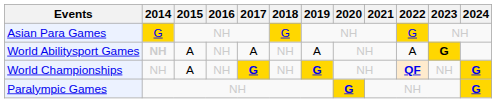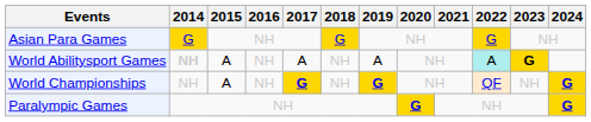 <table class="wikitable" style="font-size: 90%; text-align:center">
 <tr>
 <th>Events</th>
 <th>2014</th>
 <th>2015</th>
 <th>2016</th>
 <th>2017</th>
 <th>2018</th>
 <th>2019</th>
 <th>2020</th>
 <th>2021</th>
 <th>2022</th>
 <th>2023</th>
 <th>2024</th>
 </tr>
 <tr>
 <td bgcolor="#ECF2FF"; align="left"><a href='#'>Asian Para Games</a></td>
 <td bgcolor=gold><a href='#'>G</a></td>
 <td colspan="3" style=color:#ccc>NH</td>
 <td bgcolor=gold><a href='#'>G</a></td>
 <td colspan="3" style=color:#ccc>NH</td>
 <td bgcolor=gold><a href='#'>G</a></td>
 <td colspan="3" style=color:#ccc>NH</td>
 </tr>
 <tr>
 <td bgcolor="#ECF2FF"; align="left"><a href='#'>World Abilitysport Games</a></td>
 <td style=color:#ccc><strong>NH</strong></td>
 <td>A</td>
 <td style=color:#ccc>NH</td>
 <td>A</td>
 <td style=color:#ccc>NH</td>
 <td>A</td>
 <td colspan="2" style=color:#ccc>NH</td>
-<td>A</td>
+<td style="background: paleturquoise;">A</td>
 <td 2023; bgcolor=gold><strong>G</strong></td>
 <td></td>
 </tr>
 <tr>
 <td bgcolor="#ECF2FF"; align="left"><a href='#'>World Championships</a></td>
 <td style=color:#ccc>NH</td>
 <td>A</td>
 <td style=color:#ccc>NH</td>
 <td bgcolor=gold><strong><a href='#'>G</a></strong></td>
 <td style=color:#ccc>NH</td>
 <td bgcolor=gold><strong><a href='#'>G</a></strong></td>
 <td colspan="2" style=color:#ccc>NH</td>
-<td bgcolor=FFEBCD><strong><a href='#'>QF</a></strong></td>
+<td bgcolor=FFEBCD><a href='#'>QF</a></td>
 <td style=color:#ccc>NH</td>
 <td bgcolor=gold><strong><a href='#'>G</a></strong></td>
 </tr>
 <tr>
 <td bgcolor="#ECF2FF"; align="left"><a href='#'>Paralympic Games</a></td>
 <td colspan="6" style=color:#ccc>NH</td>
 <td bgcolor=gold><strong><a href='#'>G</a></strong></td>
 <td colspan="3" style=color:#ccc>NH</td>
 <td bgcolor=gold><strong><a href='#'>G</a></strong></td>
 </tr>
 </table>
